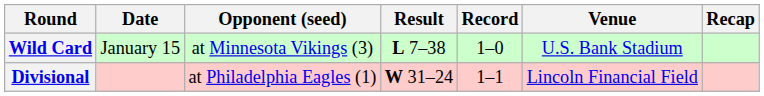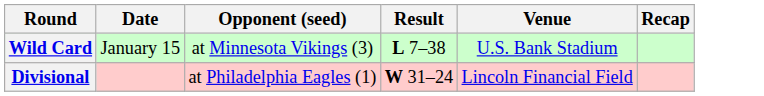 <table class="wikitable" style="text-align:center">
 <tr>
 <th>Round</th>
 <th>Date</th>
 <th>Opponent (seed)</th>
 <th>Result</th>
-<th>Record</th>
 <th>Venue</th>
 <th>Recap</th>
 </tr>
 <tr style="background:#cfc">
 <th><a href='#'>Wild Card</a></th>
 <td>January 15</td>
 <td>at <a href='#'>Minnesota Vikings</a> (3)</td>
 <td><strong>L</strong> 7–38</td>
-<td>1–0</td>
 <td><a href='#'>U.S. Bank Stadium</a></td>
 <td></td>
 </tr>
 <tr style="background:#fcc">
 <th><a href='#'>Divisional</a></th>
 <td></td>
 <td>at <a href='#'>Philadelphia Eagles</a> (1)</td>
 <td><strong>W</strong> 31–24</td>
-<td>1–1</td>
 <td><a href='#'>Lincoln Financial Field</a></td>
 <td></td>
 </tr>
 </table>
